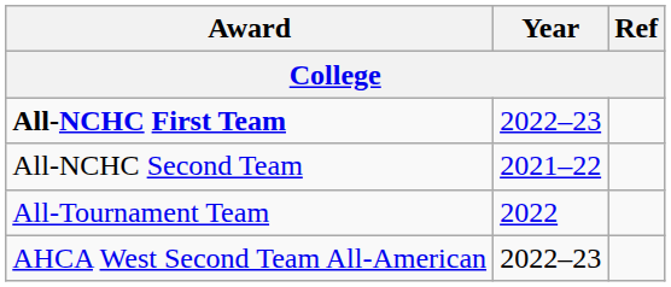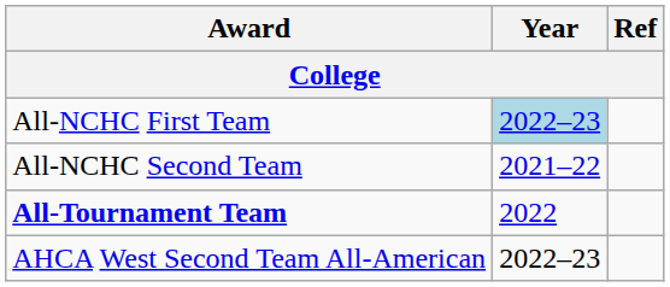 <table class="wikitable">
 <tr>
 <th>Award</th>
 <th>Year</th>
 <th>Ref</th>
 </tr>
 <tr>
 <th colspan="3"><a href='#'>College</a></th>
 </tr>
 <tr>
-<td><strong>All-<a href='#'>NCHC</a> <a href='#'>First Team</a></strong></td>
-<td><a href='#'>2022–23</a></td>
+<td>All-<a href='#'>NCHC</a> <a href='#'>First Team</a></td>
+<td style="background: lightblue;"><a href='#'>2022–23</a></td>
 <td></td>
 </tr>
 <tr>
 <td>All-NCHC <a href='#'>Second Team</a></td>
 <td><a href='#'>2021–22</a></td>
 <td></td>
 </tr>
 <tr>
-<td><a href='#'>All-Tournament Team</a></td>
+<td><strong><a href='#'>All-Tournament Team</a></strong></td>
 <td><a href='#'>2022</a></td>
 <td></td>
 </tr>
 <tr>
 <td><a href='#'>AHCA</a> <a href='#'>West Second Team All-American</a></td>
 <td>2022–23</td>
 <td></td>
 </tr>
 </table>
